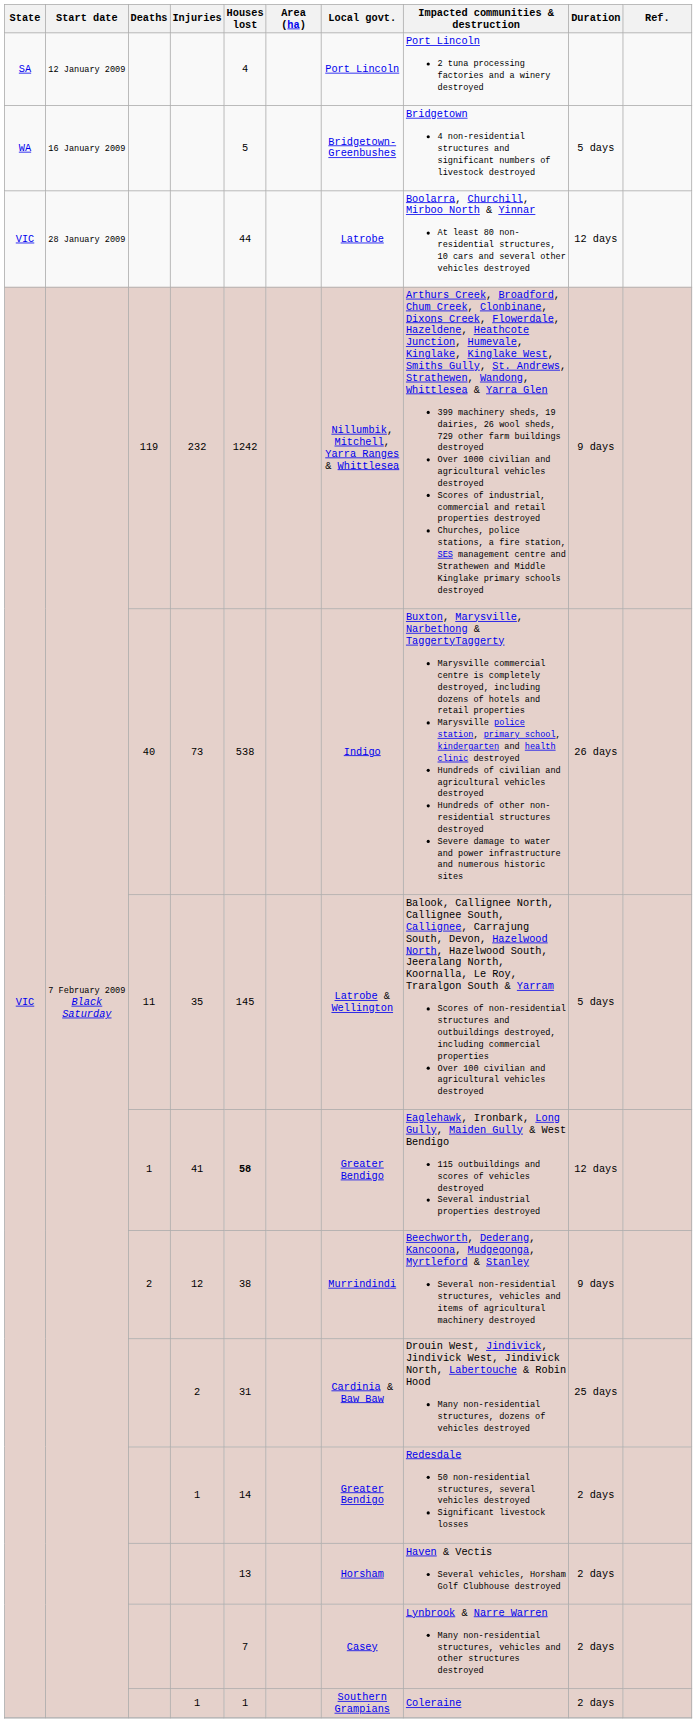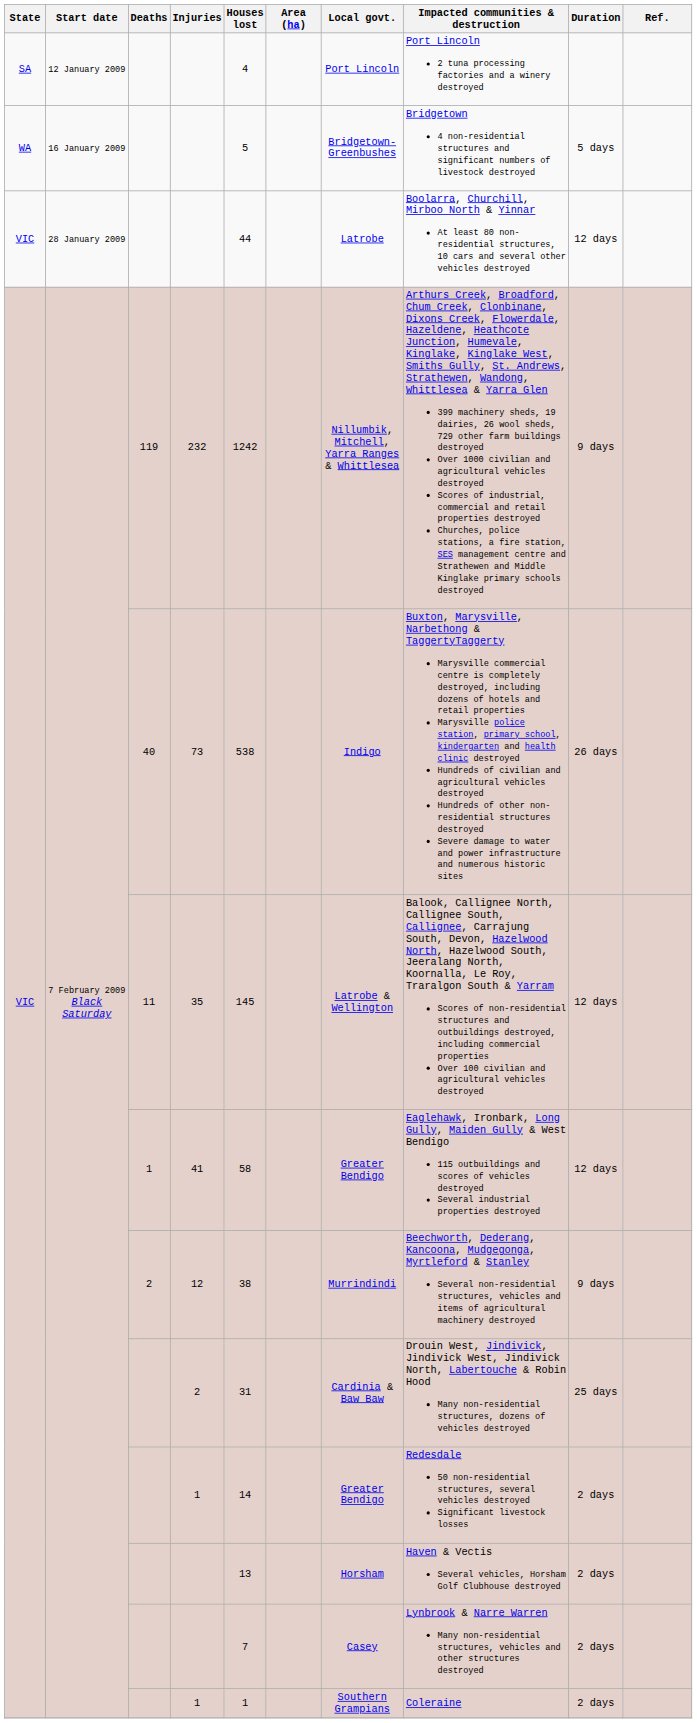 <table class="wikitable sortable">
 <tr>
 <th scope="col" width="6%" align="center">State</th>
 <th scope="col" width="12%" align="center">Start date</th>
 <th scope="col" width="6%" align="center">Deaths</th>
 <th scope="col" width="6%" align="center">Injuries</th>
 <th scope="col" width="6%" align="center">Houses lost</th>
 <th scope="col" width="8%" align="center">Area (<a href='#'>ha</a>)</th>
 <th scope="col" width="12%" align="center">Local govt.</th>
 <th scope="col" align="center" class="unsortable">Impacted communities & destruction</th>
 <th scope="col" width="6%" align="center" class="unsortable">Duration</th>
 <th scope="col" width="10%" align="center" class="unsortable">Ref.</th>
 </tr>
 <tr>
 <td style="text-align:center;"><a href='#'>SA</a></td>
 <td style="text-align:center;"><small>12 January 2009</small></td>
 <td style="text-align:center;"></td>
 <td style="text-align:center;"></td>
 <td style="text-align:center;">4</td>
 <td style="text-align:center;"></td>
 <td style="text-align:center;"><a href='#'>Port Lincoln</a></td>
 <td><a href='#'>Port Lincoln</a><br><ul><li><small>2 tuna processing factories and a winery destroyed</small></li></ul></td>
 <td style="text-align:center;"></td>
 <td style="text-align:center;"></td>
 </tr>
 <tr>
 <td style="text-align:center;"><a href='#'>WA</a></td>
 <td style="text-align:center;"><small>16 January 2009</small></td>
 <td style="text-align:center;"></td>
 <td style="text-align:center;"></td>
 <td style="text-align:center;">5</td>
 <td style="text-align:center;"></td>
 <td style="text-align:center;"><a href='#'>Bridgetown-Greenbushes</a></td>
 <td><a href='#'>Bridgetown</a><br><ul><li><small>4 non-residential structures and significant numbers of livestock destroyed</small></li></ul></td>
 <td style="text-align:center;">5 days</td>
 <td style="text-align:center;"></td>
 </tr>
 <tr>
 <td style="text-align:center;"><a href='#'>VIC</a></td>
 <td style="text-align:center;"><small>28 January 2009</small></td>
 <td style="text-align:center;"></td>
 <td style="text-align:center;"></td>
 <td style="text-align:center;">44</td>
 <td style="text-align:center;"></td>
 <td style="text-align:center;"><a href='#'>Latrobe</a></td>
 <td><a href='#'>Boolarra</a>, <a href='#'>Churchill</a>, <a href='#'>Mirboo North</a> & <a href='#'>Yinnar</a><br><ul><li><small>At least 80 non-residential structures, 10 cars and several other vehicles destroyed</small></li></ul></td>
 <td style="text-align:center;">12 days</td>
 <td style="text-align:center;"></td>
 </tr>
 <tr style="background:#e5d1cb;">
 <td rowspan="10" style="text-align:center;"><a href='#'>VIC</a></td>
 <td rowspan="10" style="text-align:center;"><small>7 February 2009</small> <br> <em><a href='#'>Black Saturday</a></em></td>
 <td style="text-align:center;">119</td>
 <td style="text-align:center;">232</td>
 <td style="text-align:center;">1242</td>
 <td style="text-align:center;"></td>
 <td style="text-align:center;"><a href='#'>Nillumbik</a>, <a href='#'>Mitchell</a>, <a href='#'>Yarra Ranges</a> & <a href='#'>Whittlesea</a></td>
 <td><a href='#'>Arthurs Creek</a>, <a href='#'>Broadford</a>, <a href='#'>Chum Creek</a>, <a href='#'>Clonbinane</a>, <a href='#'>Dixons Creek</a>, <a href='#'>Flowerdale</a>, <a href='#'>Hazeldene</a>, <a href='#'>Heathcote Junction</a>, <a href='#'>Humevale</a>, <a href='#'>Kinglake</a>, <a href='#'>Kinglake West</a>, <a href='#'>Smiths Gully</a>, <a href='#'>St. Andrews</a>, <a href='#'>Strathewen</a>, <a href='#'>Wandong</a>, <a href='#'>Whittlesea</a> & <a href='#'>Yarra Glen</a><br><ul><li><small>399 machinery sheds, 19 dairies, 26 wool sheds, 729 other farm buildings destroyed</small></li><li><small>Over 1000 civilian and agricultural vehicles destroyed</small></li><li><small>Scores of industrial, commercial and retail properties destroyed</small></li><li><small>Churches, police stations, a fire station, <a href='#'>SES</a> management centre and Strathewen and Middle Kinglake primary schools destroyed</small></li></ul></td>
 <td style="text-align:center;">9 days</td>
 <td style="text-align:center;"></td>
 </tr>
 <tr style="background:#e5d1cb;">
 <td style="text-align:center;">40</td>
 <td style="text-align:center;">73</td>
 <td style="text-align:center;">538</td>
 <td style="text-align:center;"></td>
 <td style="text-align:center;"><a href='#'>Indigo</a></td>
 <td><a href='#'>Buxton</a>, <a href='#'>Marysville</a>, <a href='#'>Narbethong</a> & <a href='#'>TaggertyTaggerty</a><br><ul><li><small>Marysville commercial centre is completely destroyed, including dozens of hotels and retail properties</small></li><li><small>Marysville <a href='#'>police station</a>, <a href='#'>primary school</a>, <a href='#'>kindergarten</a> and <a href='#'>health clinic</a> destroyed</small></li><li><small>Hundreds of civilian and agricultural vehicles destroyed</small></li><li><small>Hundreds of other non-residential structures destroyed</small></li><li><small>Severe damage to water and power infrastructure and numerous historic sites</small></li></ul></td>
 <td style="text-align:center;">26 days</td>
 <td style="text-align:center;"></td>
 </tr>
 <tr style="background:#e5d1cb;">
 <td style="text-align:center;">11</td>
 <td style="text-align:center;">35</td>
 <td style="text-align:center;">145</td>
 <td style="text-align:center;"></td>
 <td style="text-align:center;"><a href='#'>Latrobe</a> & <a href='#'>Wellington</a></td>
 <td>Balook, Callignee North, Callignee South, <a href='#'>Callignee</a>, Carrajung South, Devon, <a href='#'>Hazelwood North</a>, Hazelwood South, Jeeralang North, Koornalla, Le Roy, Traralgon South & <a href='#'>Yarram</a><br><ul><li><small>Scores of non-residential structures and outbuildings destroyed, including commercial properties</small></li><li><small>Over 100 civilian and agricultural vehicles destroyed</small></li></ul></td>
-<td style="text-align:center;">5 days</td>
+<td style="text-align:center;">12 days</td>
 <td style="text-align:center;"></td>
 </tr>
 <tr style="background:#e5d1cb;">
 <td style="text-align:center;">1</td>
 <td style="text-align:center;">41</td>
-<td style="text-align:center;"><strong>58</strong></td>
+<td style="text-align:center;">58</td>
 <td style="text-align:center;"></td>
 <td style="text-align:center;"><a href='#'>Greater Bendigo</a></td>
 <td><a href='#'>Eaglehawk</a>, Ironbark, <a href='#'>Long Gully</a>, <a href='#'>Maiden Gully</a> & West Bendigo<br><ul><li><small>115 outbuildings and scores of vehicles destroyed</small></li><li><small>Several industrial properties destroyed</small></li></ul></td>
 <td style="text-align:center;">12 days</td>
 <td style="text-align:center;"></td>
 </tr>
 <tr style="background:#e5d1cb;">
 <td style="text-align:center;">2</td>
 <td style="text-align:center;">12</td>
 <td style="text-align:center;">38</td>
 <td style="text-align:center;"></td>
 <td style="text-align:center;"><a href='#'>Murrindindi</a></td>
 <td><a href='#'>Beechworth</a>, <a href='#'>Dederang</a>, <a href='#'>Kancoona</a>, <a href='#'>Mudgegonga</a>, <a href='#'>Myrtleford</a> & <a href='#'>Stanley</a><br><ul><li><small>Several non-residential structures, vehicles and items of agricultural machinery destroyed</small></li></ul></td>
 <td style="text-align:center;">9 days</td>
 <td style="text-align:center;"></td>
 </tr>
 <tr style="background:#e5d1cb;">
 <td style="text-align:center;"></td>
 <td style="text-align:center;">2</td>
 <td style="text-align:center;">31</td>
 <td style="text-align:center;"></td>
 <td style="text-align:center;"><a href='#'>Cardinia</a> & <a href='#'>Baw Baw</a></td>
 <td>Drouin West, <a href='#'>Jindivick</a>, Jindivick West, Jindivick North, <a href='#'>Labertouche</a> & Robin Hood<br><ul><li><small>Many non-residential structures, dozens of vehicles destroyed</small></li></ul></td>
 <td style="text-align:center;">25 days</td>
 <td style="text-align:center;"></td>
 </tr>
 <tr style="background:#e5d1cb;">
 <td style="text-align:center;"></td>
 <td style="text-align:center;">1</td>
 <td style="text-align:center;">14</td>
 <td style="text-align:center;"></td>
 <td style="text-align:center;"><a href='#'>Greater Bendigo</a></td>
 <td><a href='#'>Redesdale</a><br><ul><li><small>50 non-residential structures, several vehicles destroyed</small></li><li><small>Significant livestock losses</small></li></ul></td>
 <td style="text-align:center;">2 days</td>
 <td style="text-align:center;"></td>
 </tr>
 <tr style="background:#e5d1cb;">
 <td style="text-align:center;"></td>
 <td style="text-align:center;"></td>
 <td style="text-align:center;">13</td>
 <td style="text-align:center;"></td>
 <td style="text-align:center;"><a href='#'>Horsham</a></td>
 <td><a href='#'>Haven</a> & Vectis<br><ul><li><small>Several vehicles, Horsham Golf Clubhouse destroyed</small></li></ul></td>
 <td style="text-align:center;">2 days</td>
 <td style="text-align:center;"></td>
 </tr>
 <tr style="background:#e5d1cb;">
 <td style="text-align:center;"></td>
 <td style="text-align:center;"></td>
 <td style="text-align:center;">7</td>
 <td style="text-align:center;"></td>
 <td style="text-align:center;"><a href='#'>Casey</a></td>
 <td><a href='#'>Lynbrook</a> & <a href='#'>Narre Warren</a><br><ul><li><small>Many non-residential structures, vehicles and other structures destroyed</small></li></ul></td>
 <td style="text-align:center;">2 days</td>
 <td style="text-align:center;"></td>
 </tr>
 <tr style="background:#e5d1cb;">
 <td style="text-align:center;"></td>
 <td style="text-align:center;">1</td>
 <td style="text-align:center;">1</td>
 <td style="text-align:center;"></td>
 <td style="text-align:center;"><a href='#'>Southern Grampians</a></td>
 <td><a href='#'>Coleraine</a></td>
 <td style="text-align:center;">2 days</td>
 <td style="text-align:center;"></td>
 </tr>
 <tr>
 </tr>
 </table>
